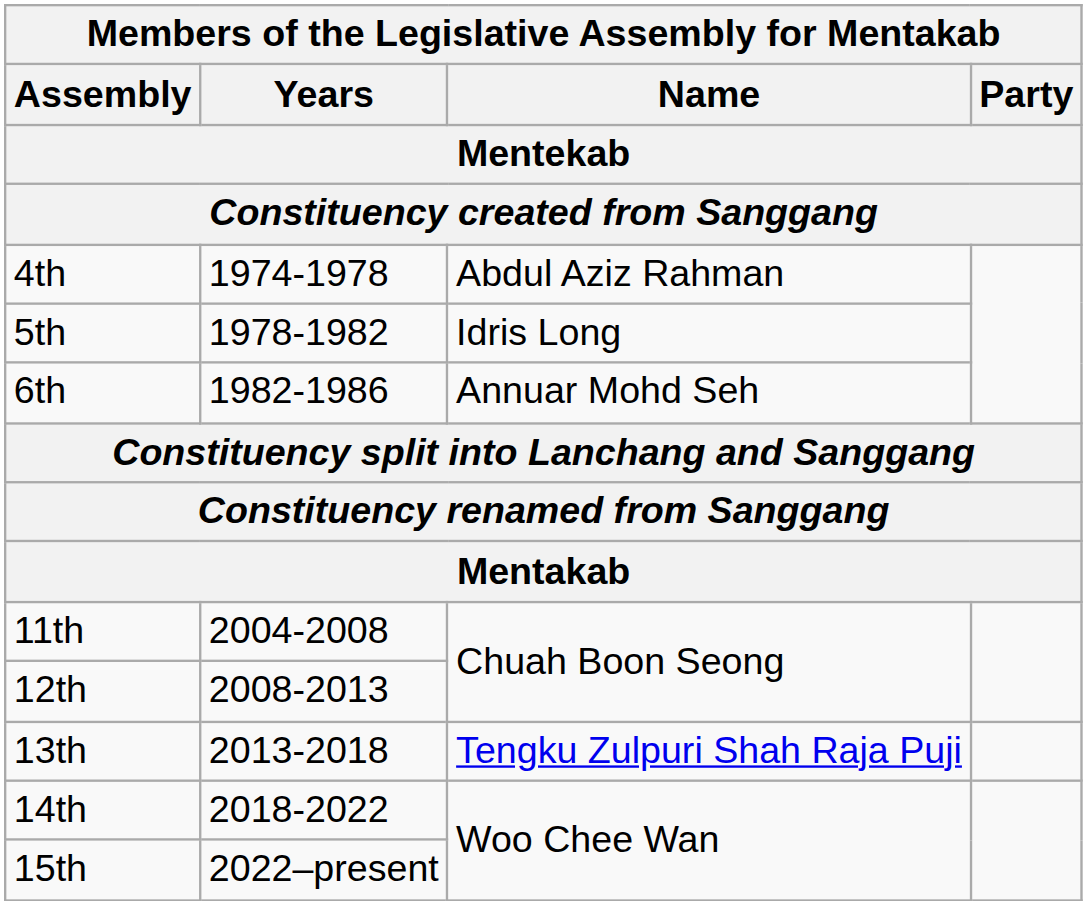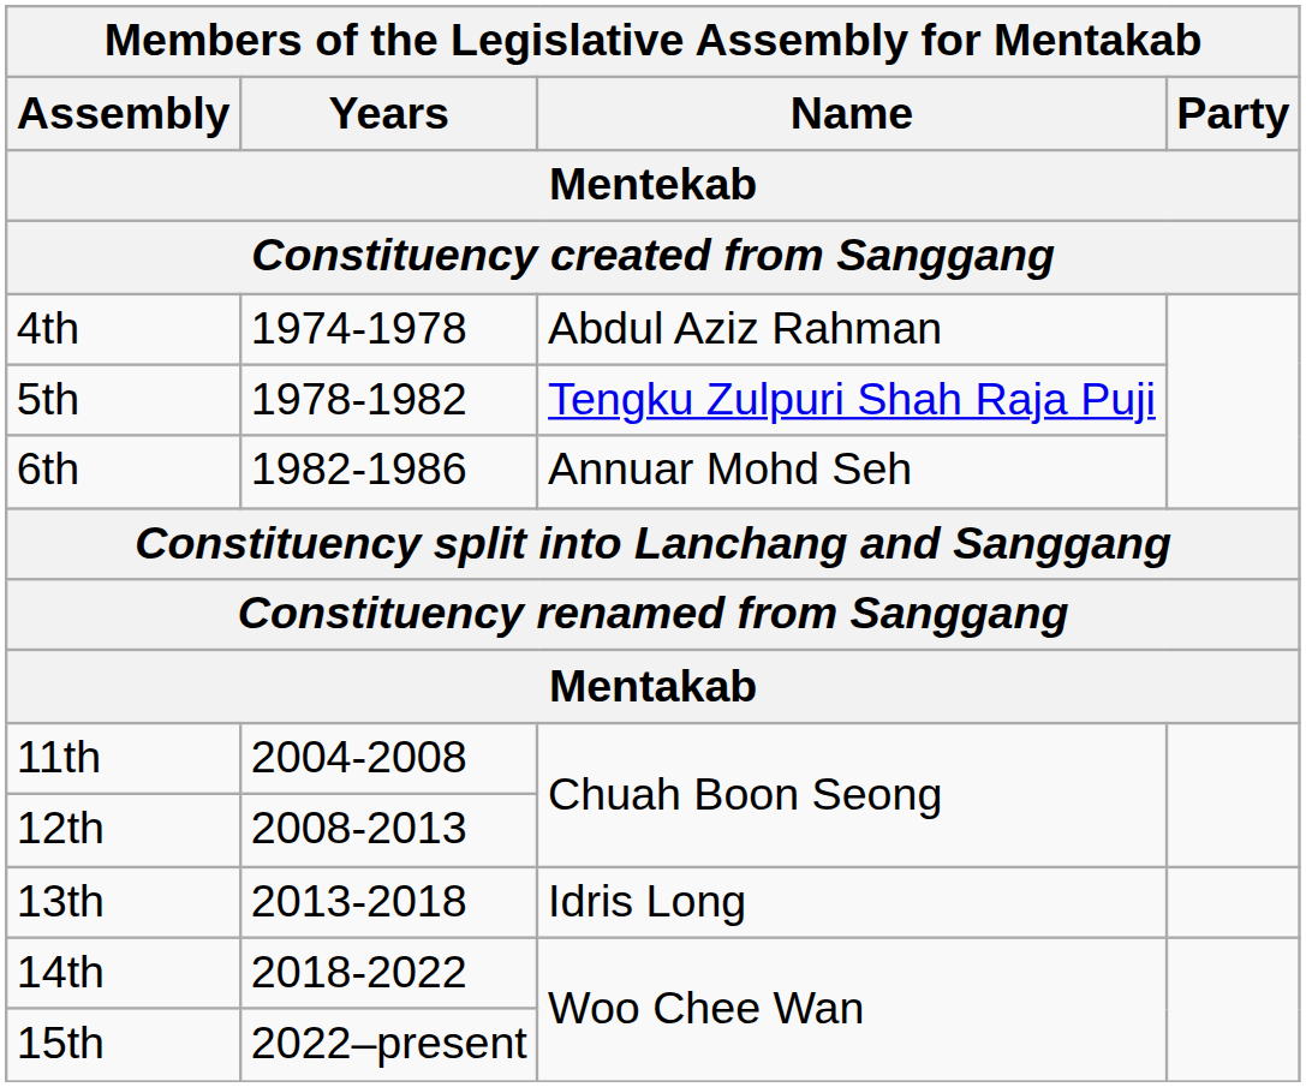 <table class="wikitable">
 <tr>
 <th colspan="4">Members of the Legislative Assembly for Mentakab</th>
 </tr>
 <tr>
 <th>Assembly</th>
 <th>Years</th>
 <th>Name</th>
 <th>Party</th>
 </tr>
 <tr>
 <th colspan="4">Mentekab</th>
 </tr>
 <tr>
 <th colspan="4"><em>Constituency created from Sanggang</em></th>
 </tr>
 <tr>
 <td>4th</td>
 <td>1974-1978</td>
 <td>Abdul Aziz Rahman</td>
 <td rowspan="3"></td>
 </tr>
 <tr>
 <td>5th</td>
 <td>1978-1982</td>
-<td>Idris Long</td>
+<td><a href='#'>Tengku Zulpuri Shah Raja Puji</a></td>
 </tr>
 <tr>
 <td>6th</td>
 <td>1982-1986</td>
 <td>Annuar Mohd Seh</td>
 </tr>
 <tr>
 <th colspan="4"><em>Constituency split into Lanchang and Sanggang</em></th>
 </tr>
 <tr>
 <th colspan="4"><em>Constituency renamed from Sanggang</em></th>
 </tr>
 <tr>
 <th colspan="4">Mentakab</th>
 </tr>
 <tr>
 <td>11th</td>
 <td>2004-2008</td>
 <td rowspan="2">Chuah Boon Seong</td>
 <td rowspan="2"></td>
 </tr>
 <tr>
 <td>12th</td>
 <td>2008-2013</td>
 </tr>
 <tr>
 <td>13th</td>
 <td>2013-2018</td>
-<td><a href='#'>Tengku Zulpuri Shah Raja Puji</a></td>
+<td>Idris Long</td>
 <td></td>
 </tr>
 <tr>
 <td>14th</td>
 <td>2018-2022</td>
 <td rowspan="2">Woo Chee Wan</td>
 <td rowspan="2"></td>
 </tr>
 <tr>
 <td>15th</td>
 <td>2022–present</td>
 </tr>
 </table>
